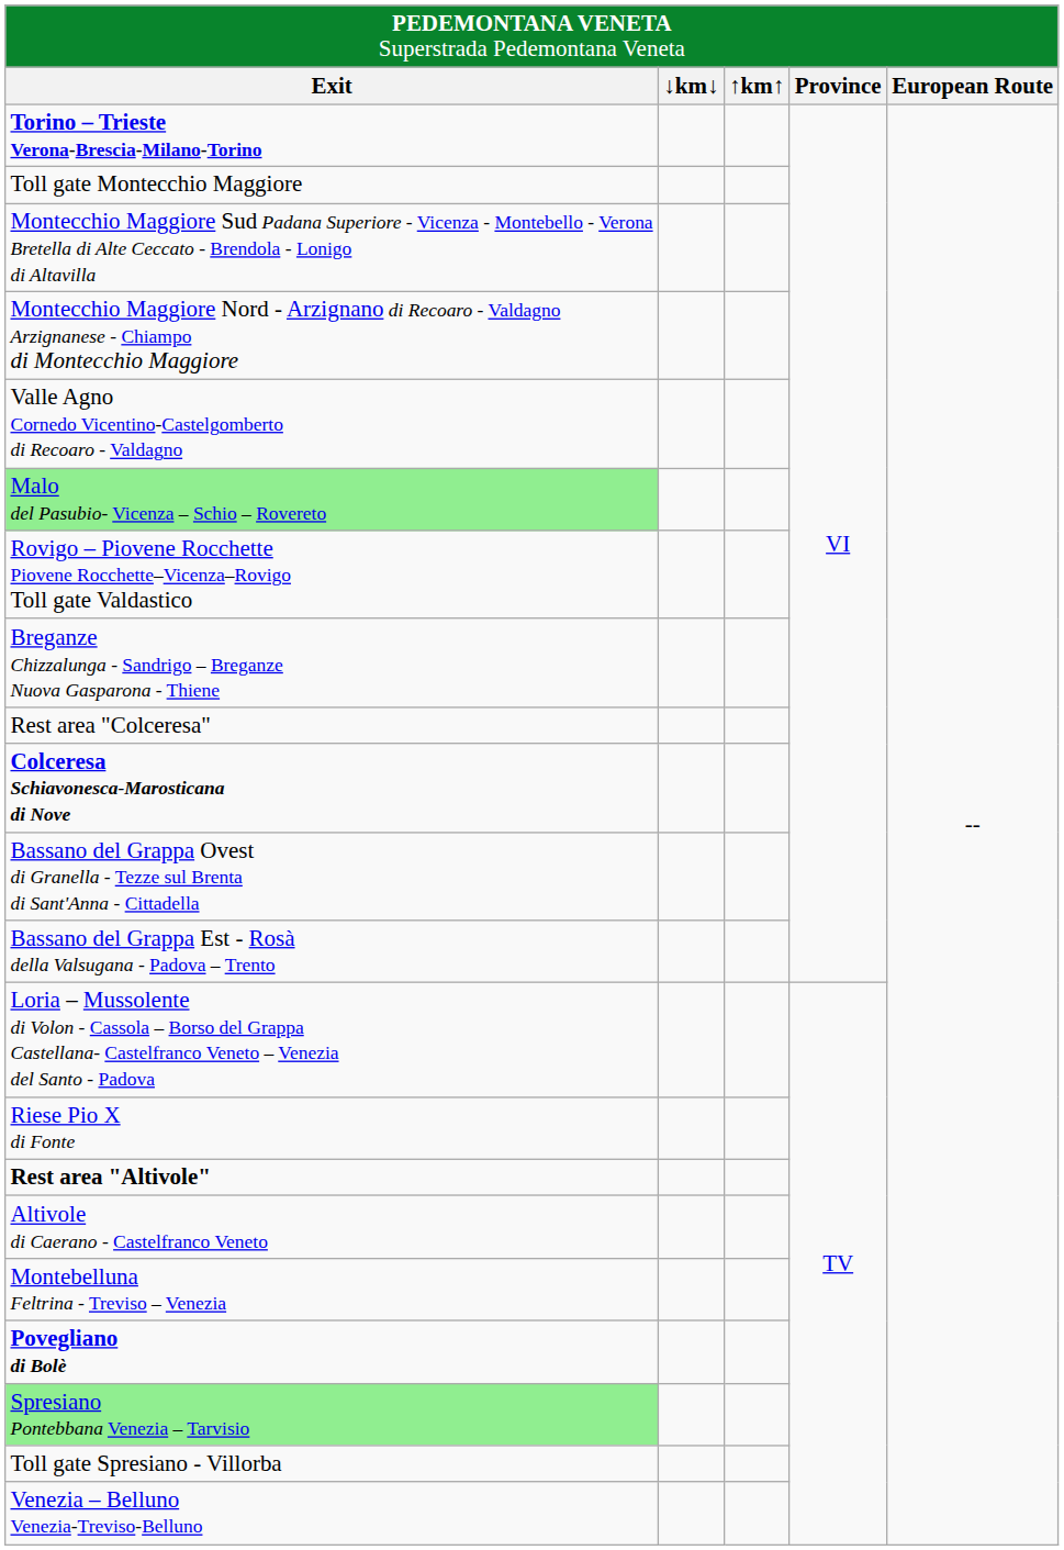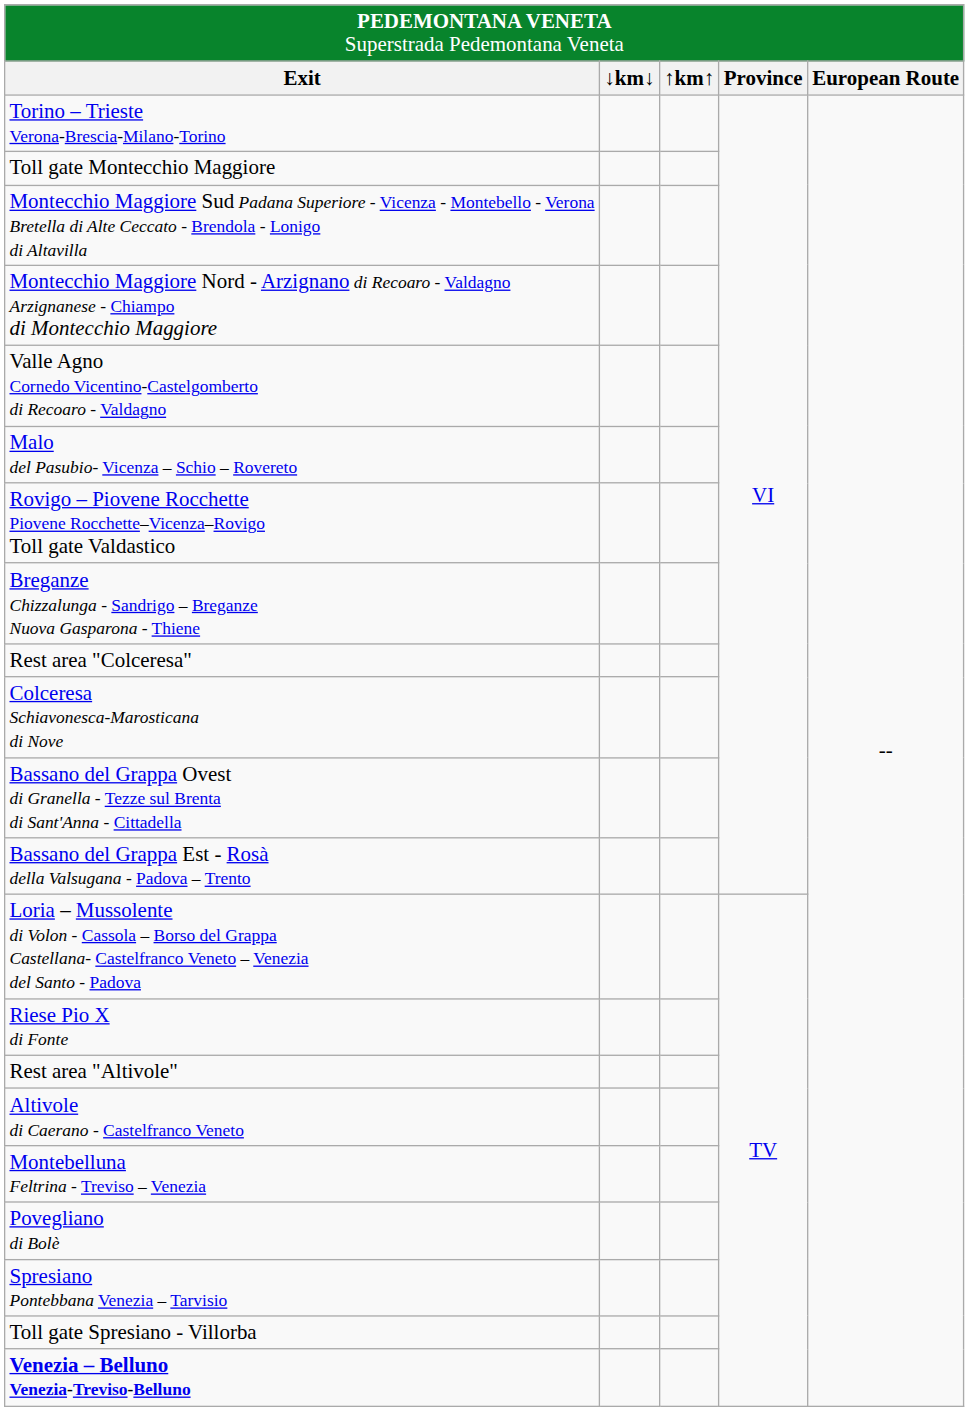 <table class="wikitable">
 <tr>
 </tr>
 <tr align="center" bgcolor="08842C" style="color: white;font-size:100%;">
 <td colspan="6"> <strong>PEDEMONTANA VENETA</strong><br>Superstrada Pedemontana Veneta</td>
 </tr>
 <tr>
 <th>Exit</th>
 <th><strong>↓km↓</strong></th>
 <th><strong>↑km↑</strong></th>
 <th>Province</th>
 <th>European Route</th>
 </tr>
 <tr>
-<td><strong>  <a href='#'>Torino – Trieste</a> <br><small><a href='#'>Verona</a>-<a href='#'>Brescia</a>-<a href='#'>Milano</a>-<a href='#'>Torino</a></small></strong></td>
+<td>  <a href='#'>Torino – Trieste</a> <br><small><a href='#'>Verona</a>-<a href='#'>Brescia</a>-<a href='#'>Milano</a>-<a href='#'>Torino</a></small></td>
 <td align="center"></td>
 <td align="center"></td>
 <td rowspan="12" align="center"><a href='#'>VI</a></td>
 <td rowspan="21" align="center">--</td>
 </tr>
 <tr>
 <td> Toll gate Montecchio Maggiore</td>
 <td align="center"></td>
 <td align="center"></td>
 </tr>
 <tr>
 <td> <a href='#'>Montecchio Maggiore</a> Sud<small> <em>Padana Superiore</em> - <a href='#'>Vicenza</a> - <a href='#'>Montebello</a> - <a href='#'>Verona</a></small><br><small> <em>Bretella di Alte Ceccato</em> - <a href='#'>Brendola</a> - <a href='#'>Lonigo</a></small><br><small> <em>di Altavilla</em></small></td>
 <td align="center"></td>
 <td align="center"></td>
 </tr>
 <tr>
 <td> <a href='#'>Montecchio Maggiore</a> Nord - <a href='#'>Arzignano</a><small> <em>di Recoaro</em> - <a href='#'>Valdagno</a></small><br><small> <em>Arzignanese</em> - <a href='#'>Chiampo</a></small><br> <em>di Montecchio Maggiore</em></td>
 <td align="center"></td>
 <td align="center"></td>
 </tr>
 <tr>
 <td> Valle Agno<small><br><a href='#'>Cornedo Vicentino</a>-<a href='#'>Castelgomberto</a></small><br><small> <em>di Recoaro</em> - <a href='#'>Valdagno</a></small></td>
 <td align="center"></td>
 <td align="center"></td>
 </tr>
 <tr>
-<td style="background: lightgreen;"> <a href='#'>Malo</a><br><small> <em>del Pasubio</em>- <a href='#'>Vicenza</a> – <a href='#'>Schio</a> – <a href='#'>Rovereto</a></small></td>
+<td> <a href='#'>Malo</a><br><small> <em>del Pasubio</em>- <a href='#'>Vicenza</a> – <a href='#'>Schio</a> – <a href='#'>Rovereto</a></small></td>
 <td align="center"></td>
 <td align="center"></td>
 </tr>
 <tr>
 <td>  <a href='#'>Rovigo – Piovene Rocchette</a> <br><small><a href='#'>Piovene Rocchette</a>–<a href='#'>Vicenza</a>–<a href='#'>Rovigo</a><br></small> Toll gate Valdastico</td>
 <td align="center"></td>
 <td align="center"></td>
 </tr>
 <tr>
 <td> <a href='#'>Breganze</a><br><small> <em>Chizzalunga</em> - <a href='#'>Sandrigo</a> – <a href='#'>Breganze</a></small><br><small> <em>Nuova Gasparona</em> - <a href='#'>Thiene</a></small></td>
 <td align="center"></td>
 <td align="center"></td>
 </tr>
 <tr>
 <td> Rest area "Colceresa"</td>
 <td align="center"></td>
 <td align="center"></td>
 </tr>
 <tr>
-<td><strong> <a href='#'>Colceresa</a><br><small> <em>Schiavonesca-Marosticana</em><br><em> di Nove</em></small></strong></td>
+<td> <a href='#'>Colceresa</a><br><small> <em>Schiavonesca-Marosticana</em><br><em> di Nove</em></small></td>
 <td align="center"></td>
 <td align="center"></td>
 </tr>
 <tr>
 <td> <a href='#'>Bassano del Grappa</a> Ovest<br><small> <em>di Granella</em> - <a href='#'>Tezze sul Brenta</a> </small><br><small> <em>di Sant'Anna</em> - <a href='#'>Cittadella</a> </small></td>
 <td align="center"></td>
 <td align="center"></td>
 </tr>
 <tr>
 <td> <a href='#'>Bassano del Grappa</a> Est - <a href='#'>Rosà</a><br><small> <em>della Valsugana</em> - <a href='#'>Padova</a> – <a href='#'>Trento</a></small></td>
 <td align="center"></td>
 <td align="center"></td>
 </tr>
 <tr>
 <td> <a href='#'>Loria</a> – <a href='#'>Mussolente</a><br><small> <em>di Volon</em> - <a href='#'>Cassola</a> – <a href='#'>Borso del Grappa</a></small><br><small> <em>Castellana</em>- <a href='#'>Castelfranco Veneto</a> – <a href='#'>Venezia</a></small><br><small> <em>del Santo</em> - <a href='#'>Padova</a></small></td>
 <td align="center"></td>
 <td align="center"></td>
 <td rowspan="9" align="center"><a href='#'>TV</a></td>
 </tr>
 <tr>
 <td> <a href='#'>Riese Pio X</a><br><small> <em>di Fonte</em></small></td>
 <td align="center"></td>
 <td align="center"></td>
 </tr>
 <tr>
-<td><strong> Rest area "Altivole"</strong></td>
+<td> Rest area "Altivole"</td>
 <td align="center"></td>
 <td align="center"></td>
 </tr>
 <tr>
 <td> <a href='#'>Altivole</a><br><small> <em>di Caerano</em> - <a href='#'>Castelfranco Veneto</a></small></td>
 <td align="center"></td>
 <td align="center"></td>
 </tr>
 <tr>
 <td> <a href='#'>Montebelluna</a><br><small> <em>Feltrina</em> - <a href='#'>Treviso</a> – <a href='#'>Venezia</a></small></td>
 <td align="center"></td>
 <td align="center"></td>
 </tr>
 <tr>
-<td><strong> <a href='#'>Povegliano</a><br><small> <em>di Bolè</em></small></strong></td>
+<td> <a href='#'>Povegliano</a><br><small> <em>di Bolè</em></small></td>
 <td align="center"></td>
 <td align="center"></td>
 </tr>
 <tr>
-<td style="background: lightgreen;"> <a href='#'>Spresiano</a><br><small> <em>Pontebbana</em> <a href='#'>Venezia</a> – <a href='#'>Tarvisio</a></small></td>
+<td> <a href='#'>Spresiano</a><br><small> <em>Pontebbana</em> <a href='#'>Venezia</a> – <a href='#'>Tarvisio</a></small></td>
 <td align="center"></td>
 <td align="center"></td>
 </tr>
 <tr>
 <td> Toll gate Spresiano - Villorba</td>
 <td align="center"></td>
 <td align="center"></td>
 </tr>
 <tr>
-<td>  <a href='#'>Venezia – Belluno</a> <br><small><a href='#'>Venezia</a>-<a href='#'>Treviso</a>-<a href='#'>Belluno</a></small></td>
+<td><strong>  <a href='#'>Venezia – Belluno</a> <br><small><a href='#'>Venezia</a>-<a href='#'>Treviso</a>-<a href='#'>Belluno</a></small></strong></td>
 <td align="center"></td>
 <td align="center"></td>
 </tr>
 </table>
